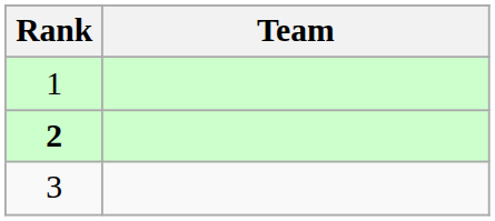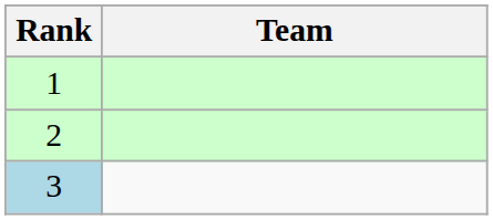 <table class="wikitable" style="text-align:center">
 <tr>
 <th width=40>Rank</th>
 <th width=180>Team</th>
 </tr>
 <tr bgcolor=#ccffcc>
 <td>1</td>
 <td style="text-align:left"></td>
 </tr>
 <tr bgcolor=#ccffcc>
-<td><strong>2</strong></td>
+<td>2</td>
 <td style="text-align:left"></td>
 </tr>
 <tr>
-<td>3</td>
+<td style="background: lightblue;">3</td>
 <td style="text-align:left"></td>
 </tr>
 </table>
